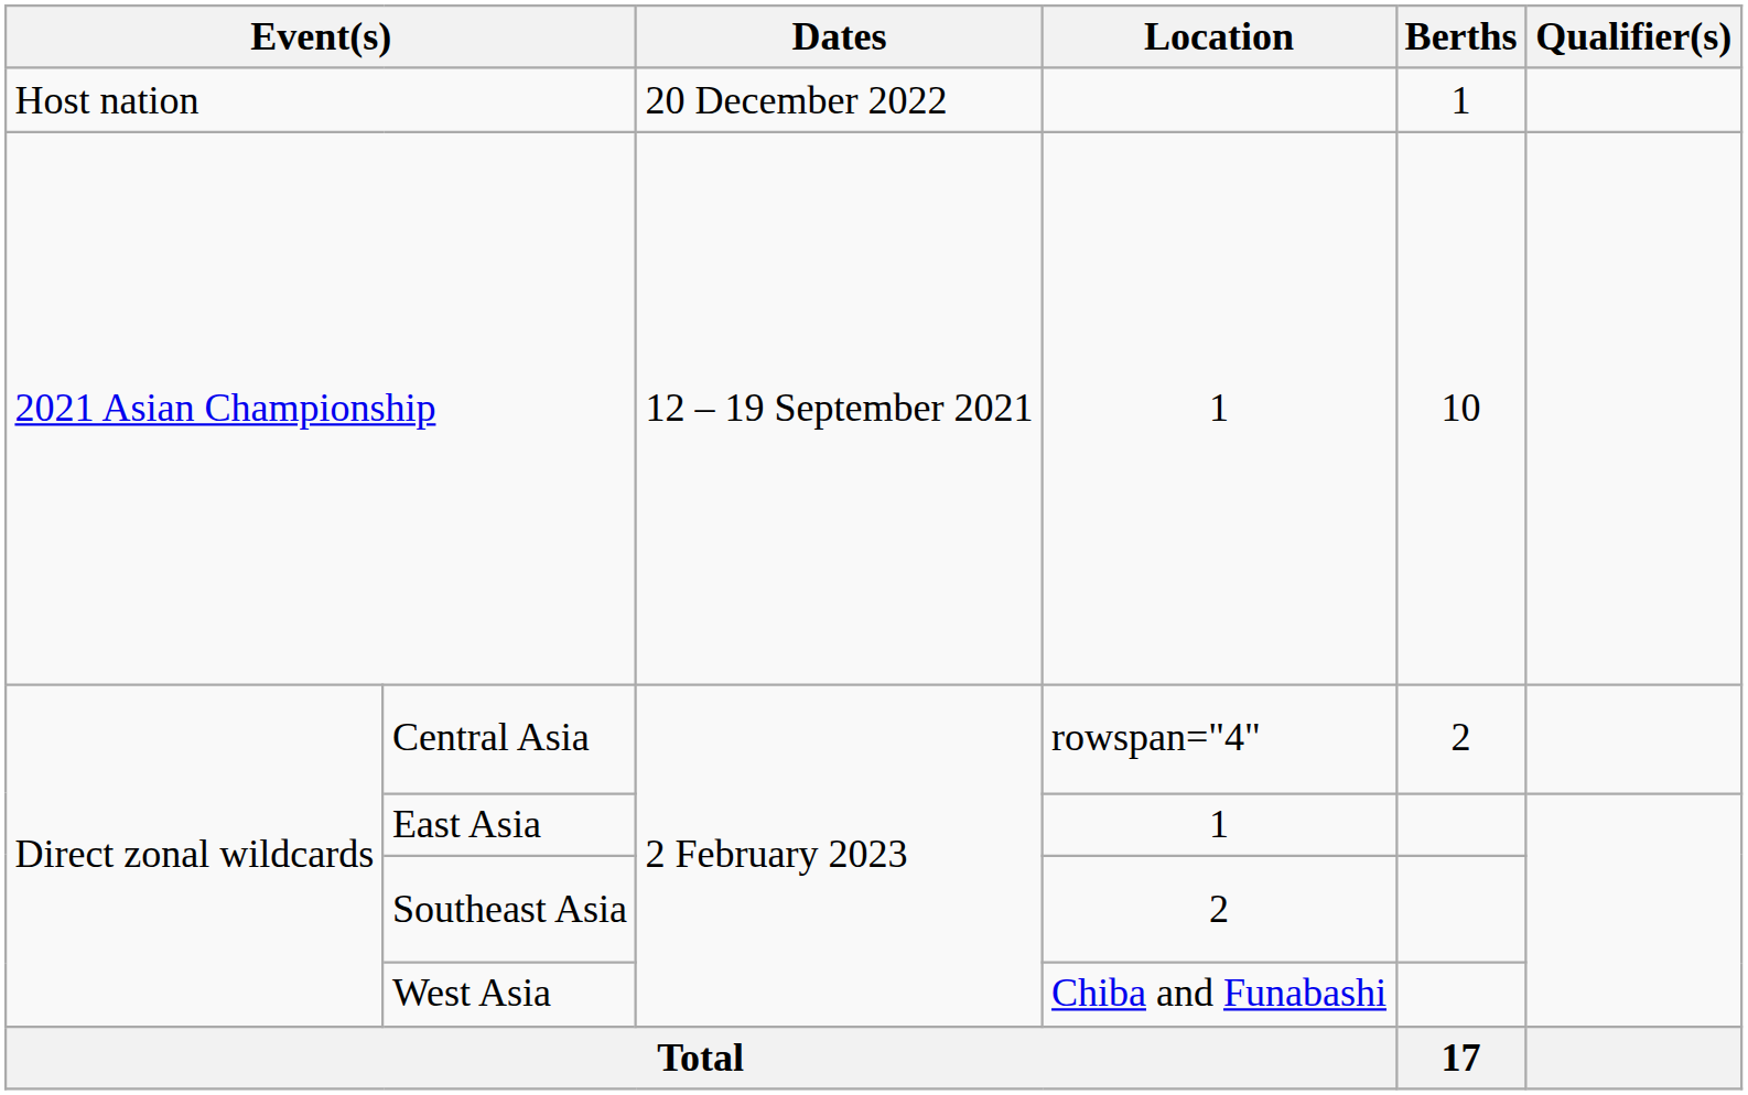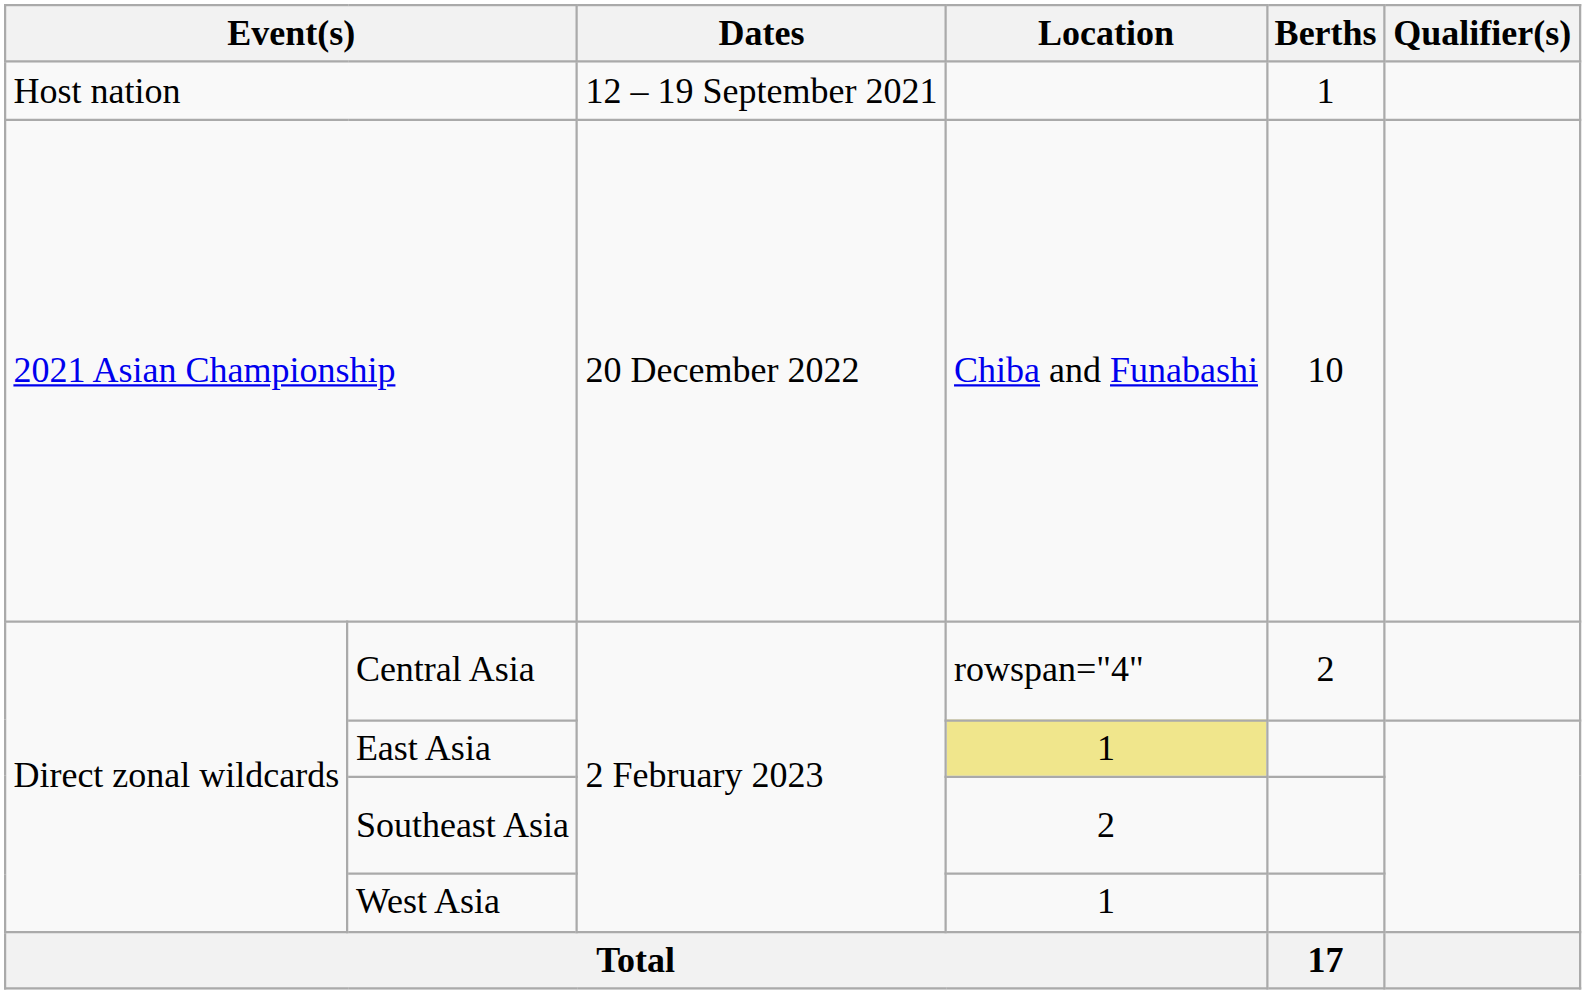 <table class="wikitable">
 <tr>
 <th colspan="2">Event(s)</th>
 <th>Dates</th>
 <th>Location</th>
 <th>Berths</th>
 <th>Qualifier(s)</th>
 </tr>
 <tr>
 <td colspan="2">Host nation</td>
-<td>20 December 2022</td>
+<td>12 – 19 September 2021</td>
 <td></td>
 <td style="text-align:center">1</td>
 <td></td>
 </tr>
 <tr>
 <td colspan="2"><a href='#'>2021 Asian Championship</a></td>
-<td>12 – 19 September 2021</td>
-<td style="text-align:center">1</td>
+<td>20 December 2022</td>
+<td> <a href='#'>Chiba</a> and <a href='#'>Funabashi</a></td>
 <td style="text-align:center">10</td>
 <td><s></s><br><br><br><br><br><s></s><br><br><br><br><br><br><s></s><br></td>
 </tr>
 <tr>
 <td rowspan="4">Direct zonal wildcards</td>
 <td>Central Asia</td>
 <td rowspan="4">2 February 2023</td>
 <td>rowspan="4" </td>
 <td style="text-align:center">2</td>
 <td><s></s><br><br></td>
 </tr>
 <tr>
 <td>East Asia</td>
-<td style="text-align:center">1</td>
+<td style="background: khaki; text-align:center">1</td>
 <td><br><s></s></td>
 </tr>
 <tr>
 <td>Southeast Asia</td>
 <td style="text-align:center">2</td>
 <td><br><br><s></s></td>
 </tr>
 <tr>
 <td>West Asia</td>
-<td> <a href='#'>Chiba</a> and <a href='#'>Funabashi</a></td>
+<td style="text-align:center">1</td>
 <td><br><s></s></td>
 </tr>
 <tr>
 <th colspan="4">Total</th>
 <th>17</th>
 <th></th>
 </tr>
 </table>
